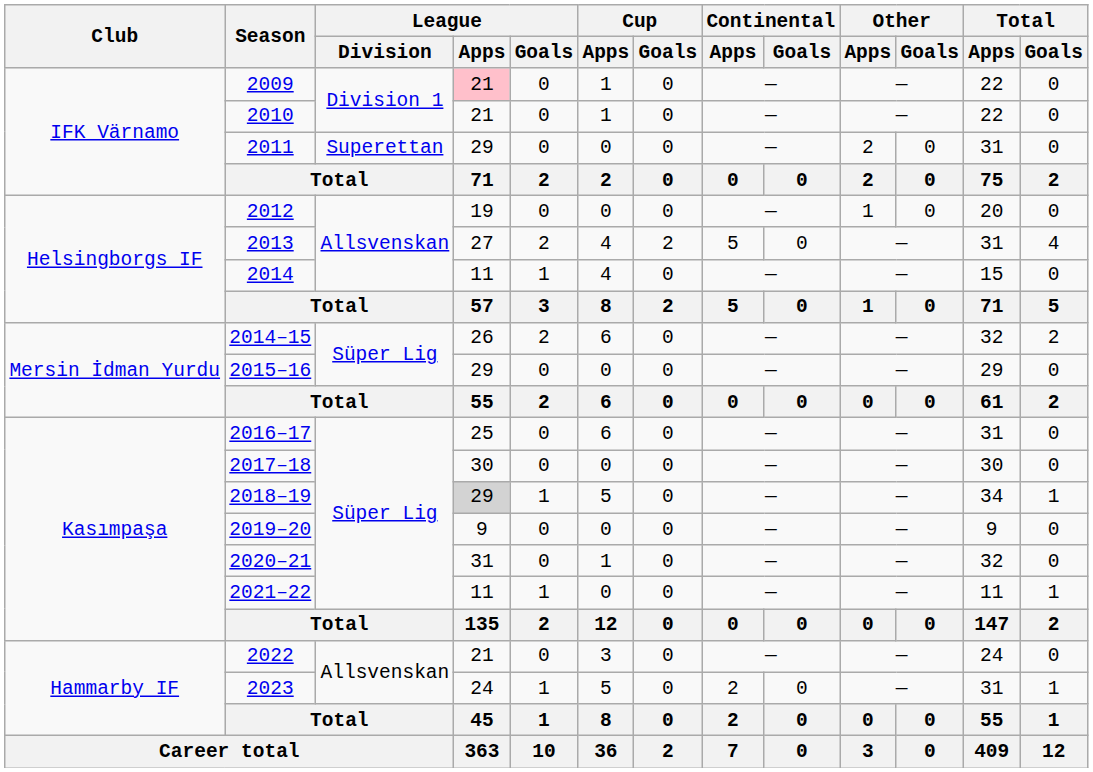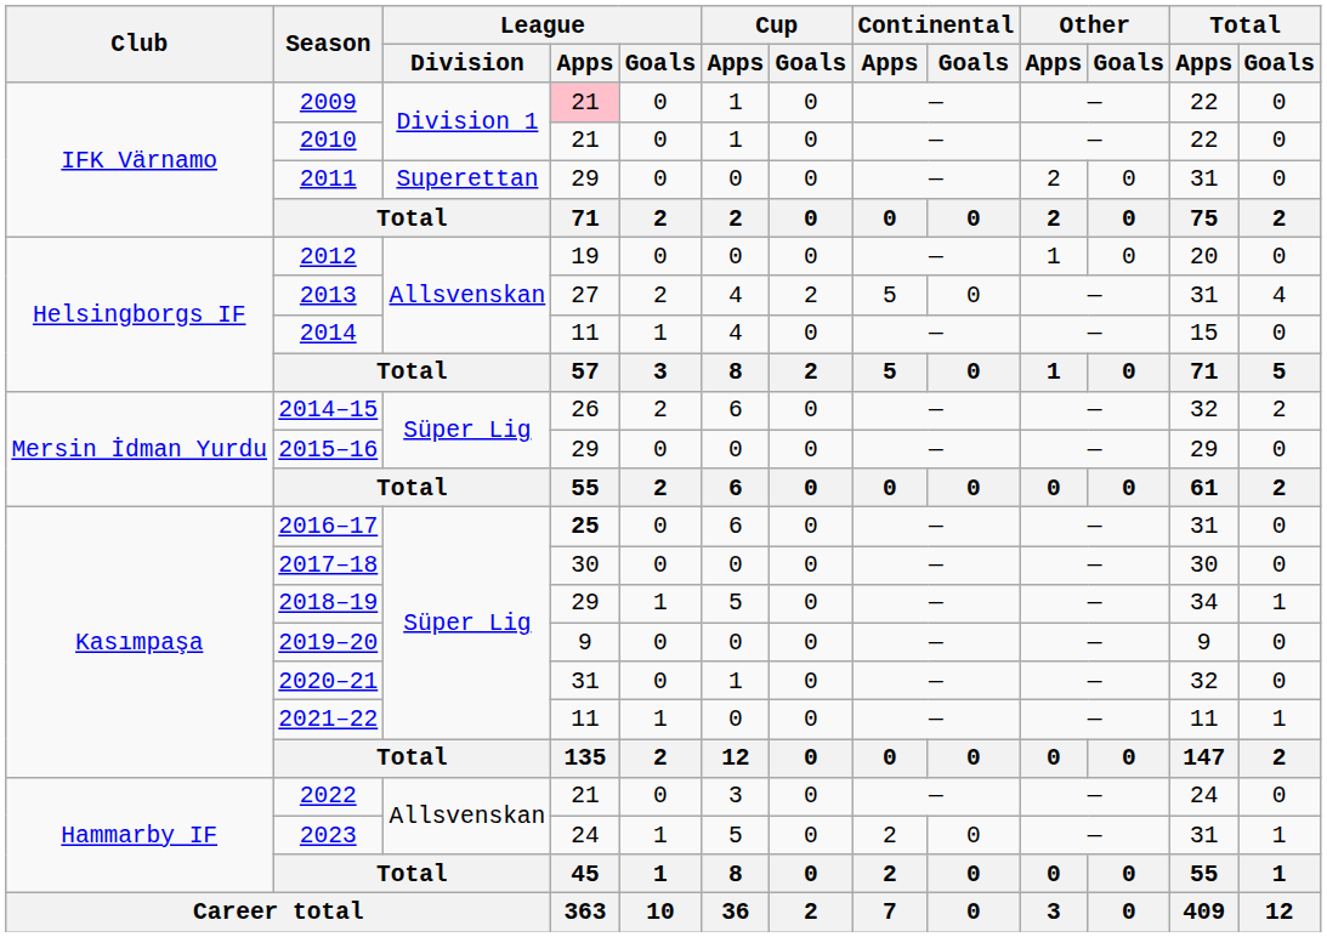 <table class="wikitable" style="text-align:center">
 <tr>
 <th rowspan="2">Club</th>
 <th rowspan="2">Season</th>
 <th colspan="3">League</th>
 <th colspan="2">Cup</th>
 <th colspan="2">Continental</th>
 <th colspan="2">Other</th>
 <th colspan="2">Total</th>
 </tr>
 <tr>
 <th>Division</th>
 <th>Apps</th>
 <th>Goals</th>
 <th>Apps</th>
 <th>Goals</th>
 <th>Apps</th>
 <th>Goals</th>
 <th>Apps</th>
 <th>Goals</th>
 <th>Apps</th>
 <th>Goals</th>
 </tr>
 <tr>
 <td rowspan="4"><a href='#'>IFK Värnamo</a></td>
 <td><a href='#'>2009</a></td>
 <td rowspan="2"><a href='#'>Division 1</a></td>
 <td style="background: pink;">21</td>
 <td>0</td>
 <td>1</td>
 <td>0</td>
 <td colspan="2">—</td>
 <td colspan="2">—</td>
 <td>22</td>
 <td>0</td>
 </tr>
 <tr>
 <td><a href='#'>2010</a></td>
 <td>21</td>
 <td>0</td>
 <td>1</td>
 <td>0</td>
 <td colspan="2">—</td>
 <td colspan="2">—</td>
 <td>22</td>
 <td>0</td>
 </tr>
 <tr>
 <td><a href='#'>2011</a></td>
 <td><a href='#'>Superettan</a></td>
 <td>29</td>
 <td>0</td>
 <td>0</td>
 <td>0</td>
 <td colspan="2">—</td>
 <td>2</td>
 <td>0</td>
 <td>31</td>
 <td>0</td>
 </tr>
 <tr>
 <th colspan="2">Total</th>
 <th>71</th>
 <th>2</th>
 <th>2</th>
 <th>0</th>
 <th>0</th>
 <th>0</th>
 <th>2</th>
 <th>0</th>
 <th>75</th>
 <th>2</th>
 </tr>
 <tr>
 <td rowspan="4"><a href='#'>Helsingborgs IF</a></td>
 <td><a href='#'>2012</a></td>
 <td rowspan="3"><a href='#'>Allsvenskan</a></td>
 <td>19</td>
 <td>0</td>
 <td>0</td>
 <td>0</td>
 <td colspan="2">—</td>
 <td>1</td>
 <td>0</td>
 <td>20</td>
 <td>0</td>
 </tr>
 <tr>
 <td><a href='#'>2013</a></td>
 <td>27</td>
 <td>2</td>
 <td>4</td>
 <td>2</td>
 <td>5</td>
 <td>0</td>
 <td colspan="2">—</td>
 <td>31</td>
 <td>4</td>
 </tr>
 <tr>
 <td><a href='#'>2014</a></td>
 <td>11</td>
 <td>1</td>
 <td>4</td>
 <td>0</td>
 <td colspan="2">—</td>
 <td colspan="2">—</td>
 <td>15</td>
 <td>0</td>
 </tr>
 <tr>
 <th colspan="2">Total</th>
 <th>57</th>
 <th>3</th>
 <th>8</th>
 <th>2</th>
 <th>5</th>
 <th>0</th>
 <th>1</th>
 <th>0</th>
 <th>71</th>
 <th>5</th>
 </tr>
 <tr>
 <td rowspan="3"><a href='#'>Mersin İdman Yurdu</a></td>
 <td><a href='#'>2014–15</a></td>
 <td rowspan="2"><a href='#'>Süper Lig</a></td>
 <td>26</td>
 <td>2</td>
 <td>6</td>
 <td>0</td>
 <td colspan="2">—</td>
 <td colspan="2">—</td>
 <td>32</td>
 <td>2</td>
 </tr>
 <tr>
 <td><a href='#'>2015–16</a></td>
 <td>29</td>
 <td>0</td>
 <td>0</td>
 <td>0</td>
 <td colspan="2">—</td>
 <td colspan="2">—</td>
 <td>29</td>
 <td>0</td>
 </tr>
 <tr>
 <th colspan="2">Total</th>
 <th>55</th>
 <th>2</th>
 <th>6</th>
 <th>0</th>
 <th>0</th>
 <th>0</th>
 <th>0</th>
 <th>0</th>
 <th>61</th>
 <th>2</th>
 </tr>
 <tr>
 <td rowspan="7"><a href='#'>Kasımpaşa</a></td>
 <td><a href='#'>2016–17</a></td>
 <td rowspan="6"><a href='#'>Süper Lig</a></td>
-<td>25</td>
+<td><strong>25</strong></td>
 <td>0</td>
 <td>6</td>
 <td>0</td>
 <td colspan="2">—</td>
 <td colspan="2">—</td>
 <td>31</td>
 <td>0</td>
 </tr>
 <tr>
 <td><a href='#'>2017–18</a></td>
 <td>30</td>
 <td>0</td>
 <td>0</td>
 <td>0</td>
 <td colspan="2">—</td>
 <td colspan="2">—</td>
 <td>30</td>
 <td>0</td>
 </tr>
 <tr>
 <td><a href='#'>2018–19</a></td>
-<td style="background: lightgrey;">29</td>
+<td>29</td>
 <td>1</td>
 <td>5</td>
 <td>0</td>
 <td colspan="2">—</td>
 <td colspan="2">—</td>
 <td>34</td>
 <td>1</td>
 </tr>
 <tr>
 <td><a href='#'>2019–20</a></td>
 <td>9</td>
 <td>0</td>
 <td>0</td>
 <td>0</td>
 <td colspan="2">—</td>
 <td colspan="2">—</td>
 <td>9</td>
 <td>0</td>
 </tr>
 <tr>
 <td><a href='#'>2020–21</a></td>
 <td>31</td>
 <td>0</td>
 <td>1</td>
 <td>0</td>
 <td colspan="2">—</td>
 <td colspan="2">—</td>
 <td>32</td>
 <td>0</td>
 </tr>
 <tr>
 <td><a href='#'>2021–22</a></td>
 <td>11</td>
 <td>1</td>
 <td>0</td>
 <td>0</td>
 <td colspan="2">—</td>
 <td colspan="2">—</td>
 <td>11</td>
 <td>1</td>
 </tr>
 <tr>
 <th colspan="2">Total</th>
 <th>135</th>
 <th>2</th>
 <th>12</th>
 <th>0</th>
 <th>0</th>
 <th>0</th>
 <th>0</th>
 <th>0</th>
 <th>147</th>
 <th>2</th>
 </tr>
 <tr>
 <td rowspan="3"><a href='#'>Hammarby IF</a></td>
 <td><a href='#'>2022</a></td>
 <td rowspan="2">Allsvenskan</td>
 <td>21</td>
 <td>0</td>
 <td>3</td>
 <td>0</td>
 <td colspan="2">—</td>
 <td colspan="2">—</td>
 <td>24</td>
 <td>0</td>
 </tr>
 <tr>
 <td><a href='#'>2023</a></td>
 <td>24</td>
 <td>1</td>
 <td>5</td>
 <td>0</td>
 <td>2</td>
 <td>0</td>
 <td colspan="2">—</td>
 <td>31</td>
 <td>1</td>
 </tr>
 <tr>
 <th colspan="2">Total</th>
 <th>45</th>
 <th>1</th>
 <th>8</th>
 <th>0</th>
 <th>2</th>
 <th>0</th>
 <th>0</th>
 <th>0</th>
 <th>55</th>
 <th>1</th>
 </tr>
 <tr>
 <th colspan="3">Career total</th>
 <th>363</th>
 <th>10</th>
 <th>36</th>
 <th>2</th>
 <th>7</th>
 <th>0</th>
 <th>3</th>
 <th>0</th>
 <th>409</th>
 <th>12</th>
 </tr>
 </table>
